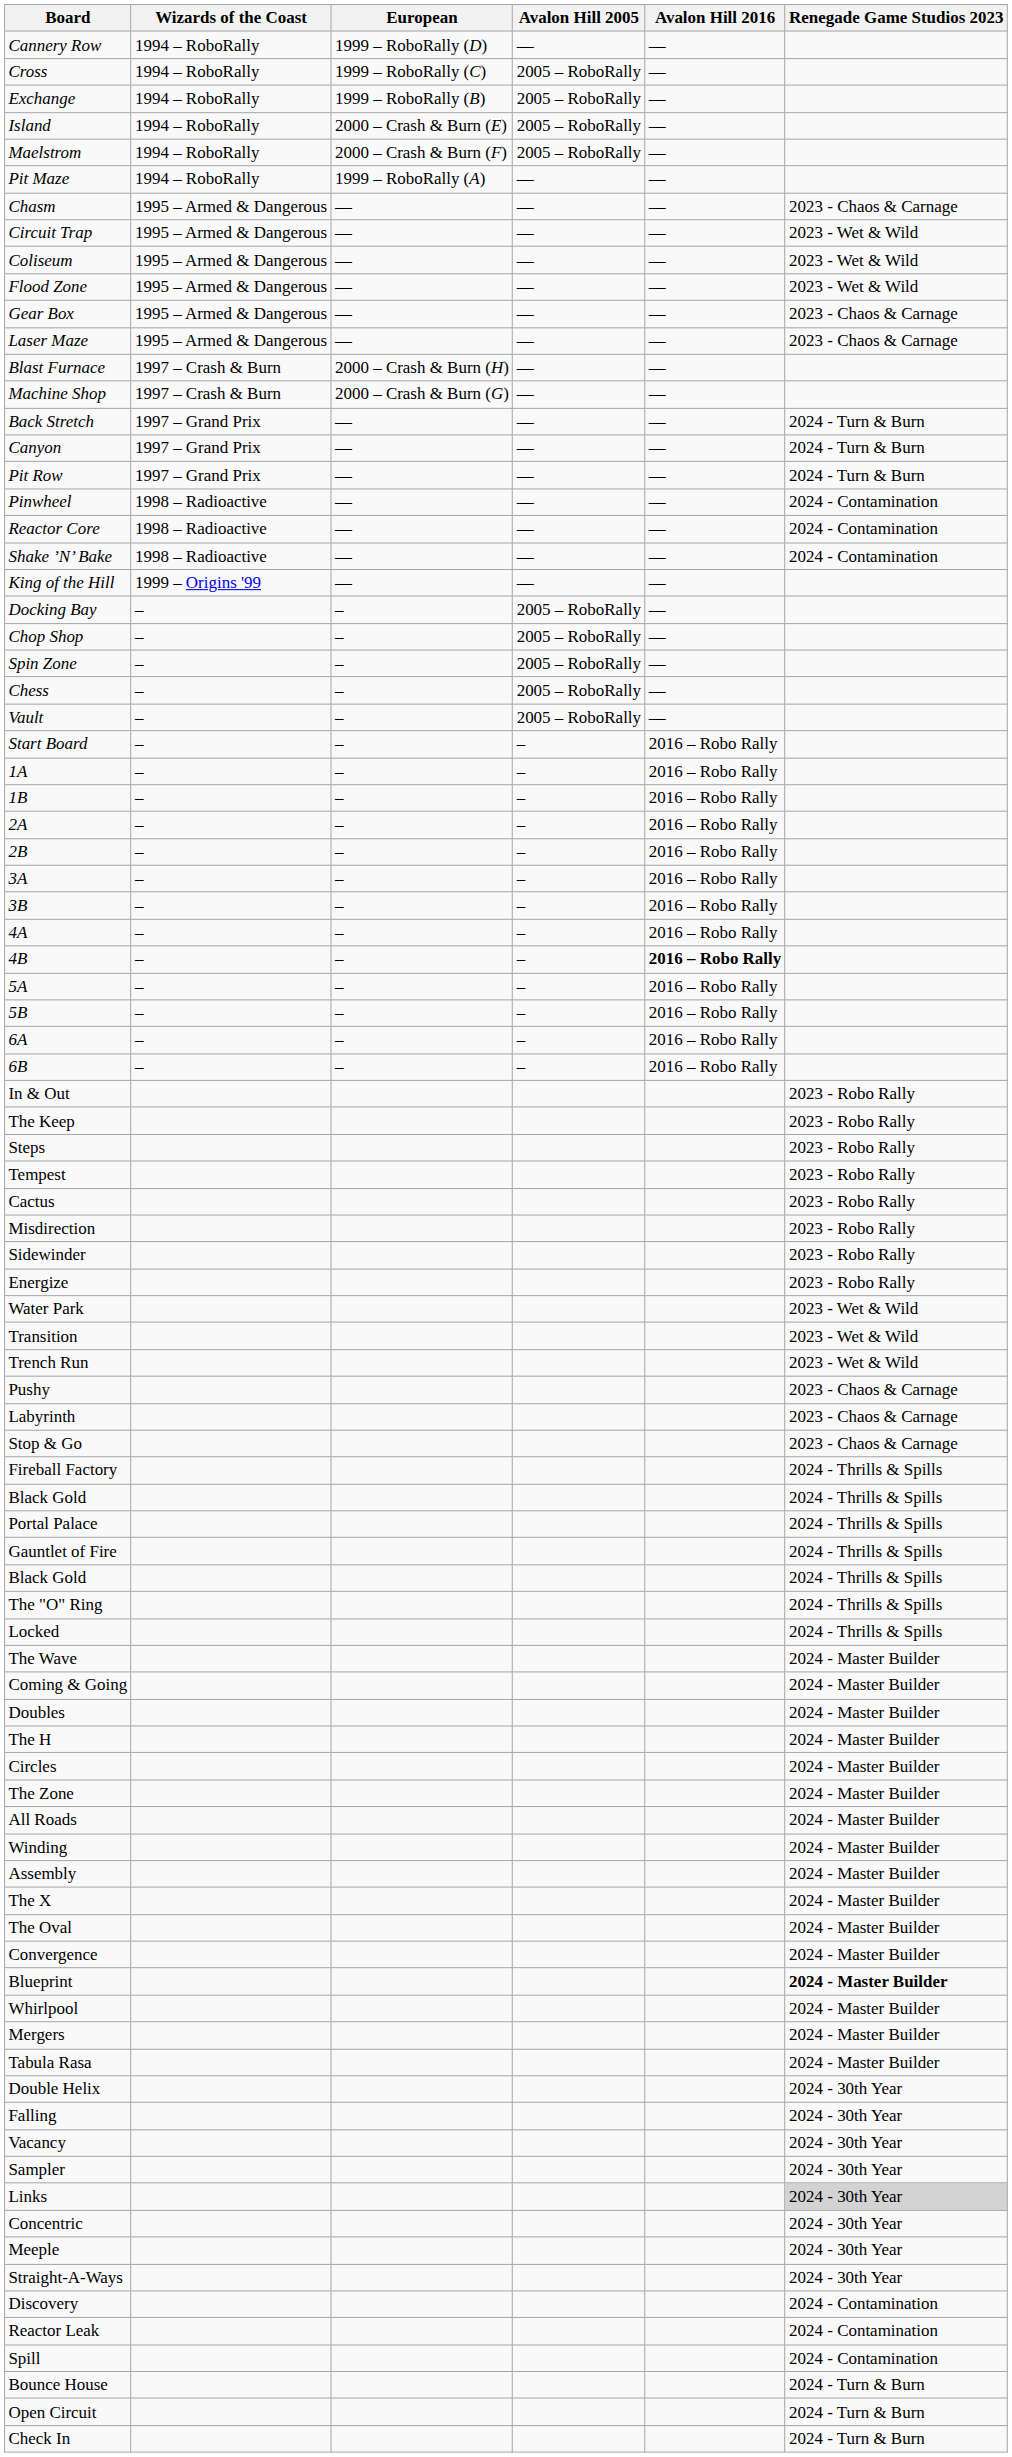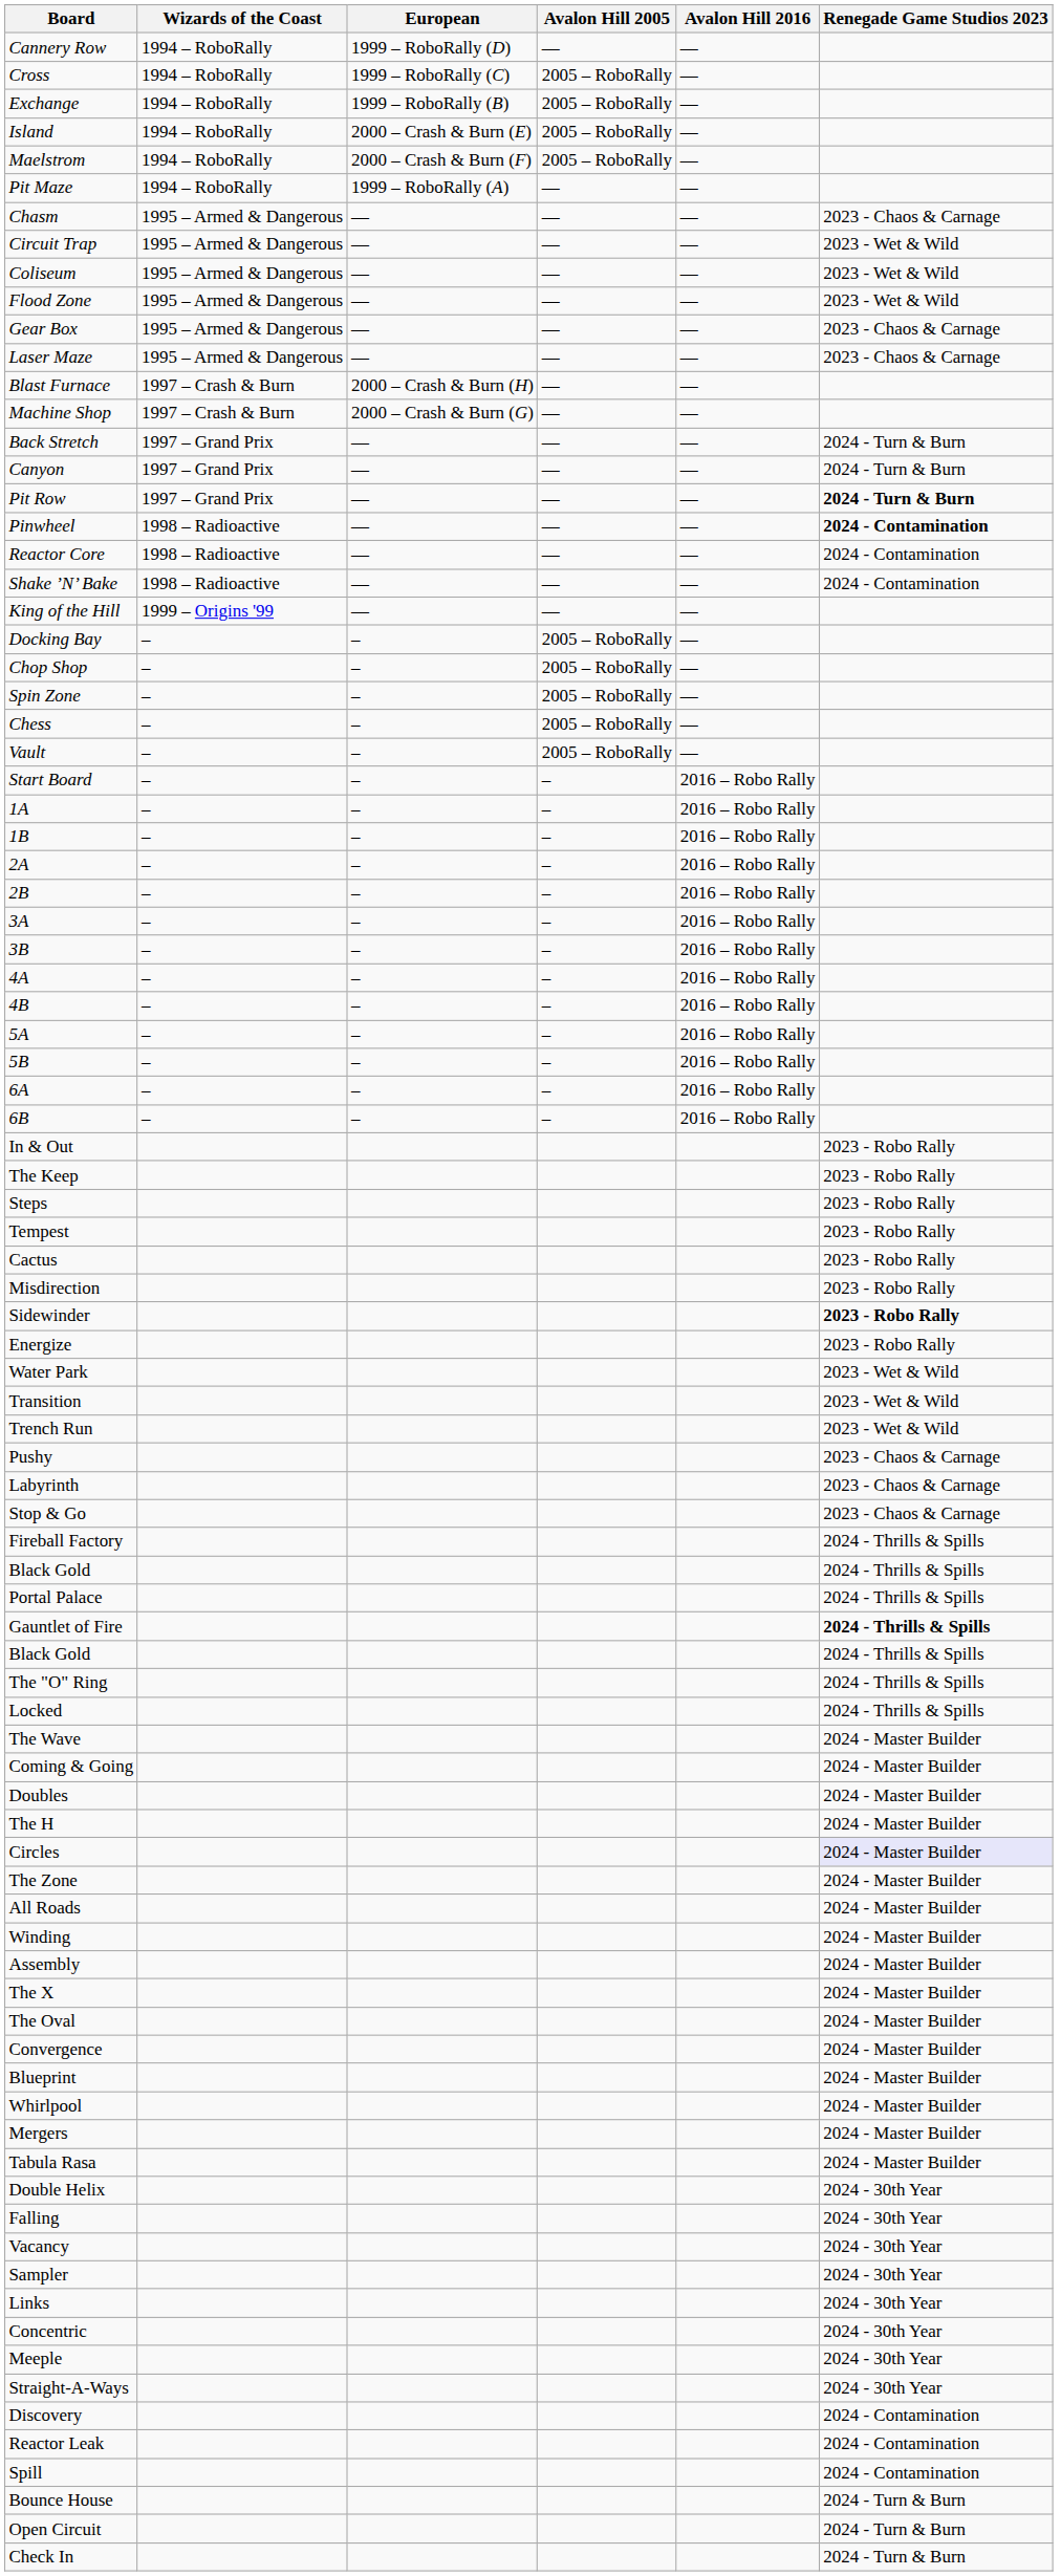 <table class="sortable wikitable">
 <tr>
 <th>Board</th>
 <th>Wizards of the Coast</th>
 <th>European</th>
 <th>Avalon Hill 2005</th>
 <th>Avalon Hill 2016</th>
 <th><strong>Renegade Game Studios 2023</strong></th>
 </tr>
 <tr>
 <td><em>Cannery Row</em></td>
 <td>1994 – RoboRally</td>
 <td>1999 – RoboRally (<em>D</em>)</td>
 <td>—</td>
 <td>—</td>
 <td></td>
 </tr>
 <tr>
 <td><em>Cross</em></td>
 <td>1994 – RoboRally</td>
 <td>1999 – RoboRally (<em>C</em>)</td>
 <td>2005 – RoboRally</td>
 <td>—</td>
 <td></td>
 </tr>
 <tr>
 <td><em>Exchange</em></td>
 <td>1994 – RoboRally</td>
 <td>1999 – RoboRally (<em>B</em>)</td>
 <td>2005 – RoboRally</td>
 <td>—</td>
 <td></td>
 </tr>
 <tr>
 <td><em>Island</em></td>
 <td>1994 – RoboRally</td>
 <td>2000 – Crash & Burn (<em>E</em>)</td>
 <td>2005 – RoboRally</td>
 <td>—</td>
 <td></td>
 </tr>
 <tr>
 <td><em>Maelstrom</em></td>
 <td>1994 – RoboRally</td>
 <td>2000 – Crash & Burn (<em>F</em>)</td>
 <td>2005 – RoboRally</td>
 <td>—</td>
 <td></td>
 </tr>
 <tr>
 <td><em>Pit Maze</em></td>
 <td>1994 – RoboRally</td>
 <td>1999 – RoboRally (<em>A</em>)</td>
 <td>—</td>
 <td>—</td>
 <td></td>
 </tr>
 <tr>
 <td><em>Chasm</em></td>
 <td>1995 – Armed & Dangerous</td>
 <td>—</td>
 <td>—</td>
 <td>—</td>
 <td>2023 - Chaos & Carnage</td>
 </tr>
 <tr>
 <td><em>Circuit Trap</em></td>
 <td>1995 – Armed & Dangerous</td>
 <td>—</td>
 <td>—</td>
 <td>—</td>
 <td>2023 - Wet & Wild</td>
 </tr>
 <tr>
 <td><em>Coliseum</em></td>
 <td>1995 – Armed & Dangerous</td>
 <td>—</td>
 <td>—</td>
 <td>—</td>
 <td>2023 - Wet & Wild</td>
 </tr>
 <tr>
 <td><em>Flood Zone</em></td>
 <td>1995 – Armed & Dangerous</td>
 <td>—</td>
 <td>—</td>
 <td>—</td>
 <td>2023 - Wet & Wild</td>
 </tr>
 <tr>
 <td><em>Gear Box</em></td>
 <td>1995 – Armed & Dangerous</td>
 <td>—</td>
 <td>—</td>
 <td>—</td>
 <td>2023 - Chaos & Carnage</td>
 </tr>
 <tr>
 <td><em>Laser Maze</em></td>
 <td>1995 – Armed & Dangerous</td>
 <td>—</td>
 <td>—</td>
 <td>—</td>
 <td>2023 - Chaos & Carnage</td>
 </tr>
 <tr>
 <td><em>Blast Furnace</em></td>
 <td>1997 – Crash & Burn</td>
 <td>2000 – Crash & Burn (<em>H</em>)</td>
 <td>—</td>
 <td>—</td>
 <td></td>
 </tr>
 <tr>
 <td><em>Machine Shop</em></td>
 <td>1997 – Crash & Burn</td>
 <td>2000 – Crash & Burn (<em>G</em>)</td>
 <td>—</td>
 <td>—</td>
 <td></td>
 </tr>
 <tr>
 <td><em>Back Stretch</em></td>
 <td>1997 – Grand Prix</td>
 <td>—</td>
 <td>—</td>
 <td>—</td>
 <td>2024 - Turn & Burn</td>
 </tr>
 <tr>
 <td><em>Canyon</em></td>
 <td>1997 – Grand Prix</td>
 <td>—</td>
 <td>—</td>
 <td>—</td>
 <td>2024 - Turn & Burn</td>
 </tr>
 <tr>
 <td><em>Pit Row</em></td>
 <td>1997 – Grand Prix</td>
 <td>—</td>
 <td>—</td>
 <td>—</td>
-<td>2024 - Turn & Burn</td>
+<td><strong>2024 - Turn & Burn</strong></td>
 </tr>
 <tr>
 <td><em>Pinwheel</em></td>
 <td>1998 – Radioactive</td>
 <td>—</td>
 <td>—</td>
 <td>—</td>
-<td>2024 - Contamination</td>
+<td><strong>2024 - Contamination</strong></td>
 </tr>
 <tr>
 <td><em>Reactor Core</em></td>
 <td>1998 – Radioactive</td>
 <td>—</td>
 <td>—</td>
 <td>—</td>
 <td>2024 - Contamination</td>
 </tr>
 <tr>
 <td><em>Shake ’N’ Bake</em></td>
 <td>1998 – Radioactive</td>
 <td>—</td>
 <td>—</td>
 <td>—</td>
 <td>2024 - Contamination</td>
 </tr>
 <tr>
 <td><em>King of the Hill</em></td>
 <td>1999 – <a href='#'>Origins '99</a></td>
 <td>—</td>
 <td>—</td>
 <td>—</td>
 <td></td>
 </tr>
 <tr>
 <td><em>Docking Bay</em></td>
 <td>–</td>
 <td>–</td>
 <td>2005 – RoboRally</td>
 <td>—</td>
 <td></td>
 </tr>
 <tr>
 <td><em>Chop Shop</em></td>
 <td>–</td>
 <td>–</td>
 <td>2005 – RoboRally</td>
 <td>—</td>
 <td></td>
 </tr>
 <tr>
 <td><em>Spin Zone</em></td>
 <td>–</td>
 <td>–</td>
 <td>2005 – RoboRally</td>
 <td>—</td>
 <td></td>
 </tr>
 <tr>
 <td><em>Chess</em></td>
 <td>–</td>
 <td>–</td>
 <td>2005 – RoboRally</td>
 <td>—</td>
 <td></td>
 </tr>
 <tr>
 <td><em>Vault</em></td>
 <td>–</td>
 <td>–</td>
 <td>2005 – RoboRally</td>
 <td>—</td>
 <td></td>
 </tr>
 <tr>
 <td><em>Start Board</em></td>
 <td>–</td>
 <td>–</td>
 <td>–</td>
 <td>2016 – Robo Rally</td>
 <td></td>
 </tr>
 <tr>
 <td><em>1A</em></td>
 <td>–</td>
 <td>–</td>
 <td>–</td>
 <td>2016 – Robo Rally</td>
 <td></td>
 </tr>
 <tr>
 <td><em>1B</em></td>
 <td>–</td>
 <td>–</td>
 <td>–</td>
 <td>2016 – Robo Rally</td>
 <td></td>
 </tr>
 <tr>
 <td><em>2A</em></td>
 <td>–</td>
 <td>–</td>
 <td>–</td>
 <td>2016 – Robo Rally</td>
 <td></td>
 </tr>
 <tr>
 <td><em>2B</em></td>
 <td>–</td>
 <td>–</td>
 <td>–</td>
 <td>2016 – Robo Rally</td>
 <td></td>
 </tr>
 <tr>
 <td><em>3A</em></td>
 <td>–</td>
 <td>–</td>
 <td>–</td>
 <td>2016 – Robo Rally</td>
 <td></td>
 </tr>
 <tr>
 <td><em>3B</em></td>
 <td>–</td>
 <td>–</td>
 <td>–</td>
 <td>2016 – Robo Rally</td>
 <td></td>
 </tr>
 <tr>
 <td><em>4A</em></td>
 <td>–</td>
 <td>–</td>
 <td>–</td>
 <td>2016 – Robo Rally</td>
 <td></td>
 </tr>
 <tr>
 <td><em>4B</em></td>
 <td>–</td>
 <td>–</td>
 <td>–</td>
-<td><strong>2016 – Robo Rally</strong></td>
+<td>2016 – Robo Rally</td>
 <td></td>
 </tr>
 <tr>
 <td><em>5A</em></td>
 <td>–</td>
 <td>–</td>
 <td>–</td>
 <td>2016 – Robo Rally</td>
 <td></td>
 </tr>
 <tr>
 <td><em>5B</em></td>
 <td>–</td>
 <td>–</td>
 <td>–</td>
 <td>2016 – Robo Rally</td>
 <td></td>
 </tr>
 <tr>
 <td><em>6A</em></td>
 <td>–</td>
 <td>–</td>
 <td>–</td>
 <td>2016 – Robo Rally</td>
 <td></td>
 </tr>
 <tr>
 <td><em>6B</em></td>
 <td>–</td>
 <td>–</td>
 <td>–</td>
 <td>2016 – Robo Rally</td>
 <td></td>
 </tr>
 <tr>
 <td>In & Out</td>
 <td></td>
 <td></td>
 <td></td>
 <td></td>
 <td>2023 - Robo Rally</td>
 </tr>
 <tr>
 <td>The Keep</td>
 <td></td>
 <td></td>
 <td></td>
 <td></td>
 <td>2023 - Robo Rally</td>
 </tr>
 <tr>
 <td>Steps</td>
 <td></td>
 <td></td>
 <td></td>
 <td></td>
 <td>2023 - Robo Rally</td>
 </tr>
 <tr>
 <td>Tempest</td>
 <td></td>
 <td></td>
 <td></td>
 <td></td>
 <td>2023 - Robo Rally</td>
 </tr>
 <tr>
 <td>Cactus</td>
 <td></td>
 <td></td>
 <td></td>
 <td></td>
 <td>2023 - Robo Rally</td>
 </tr>
 <tr>
 <td>Misdirection</td>
 <td></td>
 <td></td>
 <td></td>
 <td></td>
 <td>2023 - Robo Rally</td>
 </tr>
 <tr>
 <td>Sidewinder</td>
 <td></td>
 <td></td>
 <td></td>
 <td></td>
-<td>2023 - Robo Rally</td>
+<td><strong>2023 - Robo Rally</strong></td>
 </tr>
 <tr>
 <td>Energize</td>
 <td></td>
 <td></td>
 <td></td>
 <td></td>
 <td>2023 - Robo Rally</td>
 </tr>
 <tr>
 <td>Water Park</td>
 <td></td>
 <td></td>
 <td></td>
 <td></td>
 <td>2023 - Wet & Wild</td>
 </tr>
 <tr>
 <td>Transition</td>
 <td></td>
 <td></td>
 <td></td>
 <td></td>
 <td>2023 - Wet & Wild</td>
 </tr>
 <tr>
 <td>Trench Run</td>
 <td></td>
 <td></td>
 <td></td>
 <td></td>
 <td>2023 - Wet & Wild</td>
 </tr>
 <tr>
 <td>Pushy</td>
 <td></td>
 <td></td>
 <td></td>
 <td></td>
 <td>2023 - Chaos & Carnage</td>
 </tr>
 <tr>
 <td>Labyrinth</td>
 <td></td>
 <td></td>
 <td></td>
 <td></td>
 <td>2023 - Chaos & Carnage</td>
 </tr>
 <tr>
 <td>Stop & Go</td>
 <td></td>
 <td></td>
 <td></td>
 <td></td>
 <td>2023 - Chaos & Carnage</td>
 </tr>
 <tr>
 <td>Fireball Factory</td>
 <td></td>
 <td></td>
 <td></td>
 <td></td>
 <td>2024 - Thrills & Spills</td>
 </tr>
 <tr>
 <td>Black Gold</td>
 <td></td>
 <td></td>
 <td></td>
 <td></td>
 <td>2024 - Thrills & Spills</td>
 </tr>
 <tr>
 <td>Portal Palace</td>
 <td></td>
 <td></td>
 <td></td>
 <td></td>
 <td>2024 - Thrills & Spills</td>
 </tr>
 <tr>
 <td>Gauntlet of Fire</td>
 <td></td>
 <td></td>
 <td></td>
 <td></td>
-<td>2024 - Thrills & Spills</td>
+<td><strong>2024 - Thrills & Spills</strong></td>
 </tr>
 <tr>
 <td>Black Gold</td>
 <td></td>
 <td></td>
 <td></td>
 <td></td>
 <td>2024 - Thrills & Spills</td>
 </tr>
 <tr>
 <td>The "O" Ring</td>
 <td></td>
 <td></td>
 <td></td>
 <td></td>
 <td>2024 - Thrills & Spills</td>
 </tr>
 <tr>
 <td>Locked</td>
 <td></td>
 <td></td>
 <td></td>
 <td></td>
 <td>2024 - Thrills & Spills</td>
 </tr>
 <tr>
 <td>The Wave</td>
 <td></td>
 <td></td>
 <td></td>
 <td></td>
 <td>2024 - Master Builder</td>
 </tr>
 <tr>
 <td>Coming & Going</td>
 <td></td>
 <td></td>
 <td></td>
 <td></td>
 <td>2024 - Master Builder</td>
 </tr>
 <tr>
 <td>Doubles</td>
 <td></td>
 <td></td>
 <td></td>
 <td></td>
 <td>2024 - Master Builder</td>
 </tr>
 <tr>
 <td>The H</td>
 <td></td>
 <td></td>
 <td></td>
 <td></td>
 <td>2024 - Master Builder</td>
 </tr>
 <tr>
 <td>Circles</td>
 <td></td>
 <td></td>
 <td></td>
 <td></td>
-<td>2024 - Master Builder</td>
+<td style="background: lavender;">2024 - Master Builder</td>
 </tr>
 <tr>
 <td>The Zone</td>
 <td></td>
 <td></td>
 <td></td>
 <td></td>
 <td>2024 - Master Builder</td>
 </tr>
 <tr>
 <td>All Roads</td>
 <td></td>
 <td></td>
 <td></td>
 <td></td>
 <td>2024 - Master Builder</td>
 </tr>
 <tr>
 <td>Winding</td>
 <td></td>
 <td></td>
 <td></td>
 <td></td>
 <td>2024 - Master Builder</td>
 </tr>
 <tr>
 <td>Assembly</td>
 <td></td>
 <td></td>
 <td></td>
 <td></td>
 <td>2024 - Master Builder</td>
 </tr>
 <tr>
 <td>The X</td>
 <td></td>
 <td></td>
 <td></td>
 <td></td>
 <td>2024 - Master Builder</td>
 </tr>
 <tr>
 <td>The Oval</td>
 <td></td>
 <td></td>
 <td></td>
 <td></td>
 <td>2024 - Master Builder</td>
 </tr>
 <tr>
 <td>Convergence</td>
 <td></td>
 <td></td>
 <td></td>
 <td></td>
 <td>2024 - Master Builder</td>
 </tr>
 <tr>
 <td>Blueprint</td>
 <td></td>
 <td></td>
 <td></td>
 <td></td>
-<td><strong>2024 - Master Builder</strong></td>
+<td>2024 - Master Builder</td>
 </tr>
 <tr>
 <td>Whirlpool</td>
 <td></td>
 <td></td>
 <td></td>
 <td></td>
 <td>2024 - Master Builder</td>
 </tr>
 <tr>
 <td>Mergers</td>
 <td></td>
 <td></td>
 <td></td>
 <td></td>
 <td>2024 - Master Builder</td>
 </tr>
 <tr>
 <td>Tabula Rasa</td>
 <td></td>
 <td></td>
 <td></td>
 <td></td>
 <td>2024 - Master Builder</td>
 </tr>
 <tr>
 <td>Double Helix</td>
 <td></td>
 <td></td>
 <td></td>
 <td></td>
 <td>2024 - 30th Year</td>
 </tr>
 <tr>
 <td>Falling</td>
 <td></td>
 <td></td>
 <td></td>
 <td></td>
 <td>2024 - 30th Year</td>
 </tr>
 <tr>
 <td>Vacancy</td>
 <td></td>
 <td></td>
 <td></td>
 <td></td>
 <td>2024 - 30th Year</td>
 </tr>
 <tr>
 <td>Sampler</td>
 <td></td>
 <td></td>
 <td></td>
 <td></td>
 <td>2024 - 30th Year</td>
 </tr>
 <tr>
 <td>Links</td>
 <td></td>
 <td></td>
 <td></td>
 <td></td>
-<td style="background: lightgrey;">2024 - 30th Year</td>
+<td>2024 - 30th Year</td>
 </tr>
 <tr>
 <td>Concentric</td>
 <td></td>
 <td></td>
 <td></td>
 <td></td>
 <td>2024 - 30th Year</td>
 </tr>
 <tr>
 <td>Meeple</td>
 <td></td>
 <td></td>
 <td></td>
 <td></td>
 <td>2024 - 30th Year</td>
 </tr>
 <tr>
 <td>Straight-A-Ways</td>
 <td></td>
 <td></td>
 <td></td>
 <td></td>
 <td>2024 - 30th Year</td>
 </tr>
 <tr>
 <td>Discovery</td>
 <td></td>
 <td></td>
 <td></td>
 <td></td>
 <td>2024 - Contamination</td>
 </tr>
 <tr>
 <td>Reactor Leak</td>
 <td></td>
 <td></td>
 <td></td>
 <td></td>
 <td>2024 - Contamination</td>
 </tr>
 <tr>
 <td>Spill</td>
 <td></td>
 <td></td>
 <td></td>
 <td></td>
 <td>2024 - Contamination</td>
 </tr>
 <tr>
 <td>Bounce House</td>
 <td></td>
 <td></td>
 <td></td>
 <td></td>
 <td>2024 - Turn & Burn</td>
 </tr>
 <tr>
 <td>Open Circuit</td>
 <td></td>
 <td></td>
 <td></td>
 <td></td>
 <td>2024 - Turn & Burn</td>
 </tr>
 <tr>
 <td>Check In</td>
 <td></td>
 <td></td>
 <td></td>
 <td></td>
 <td>2024 - Turn & Burn</td>
 </tr>
 </table>
